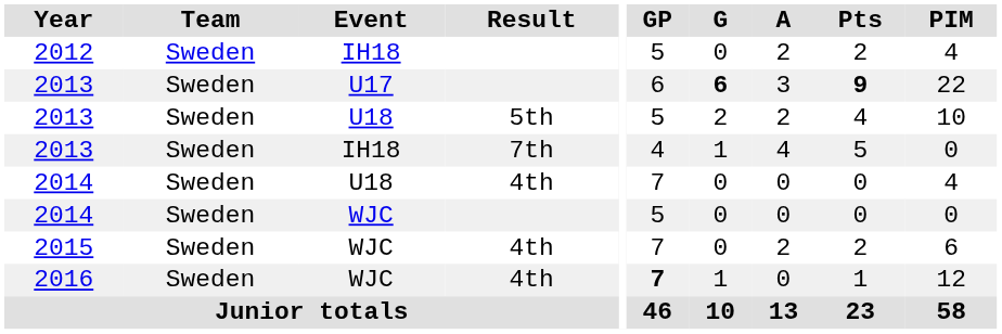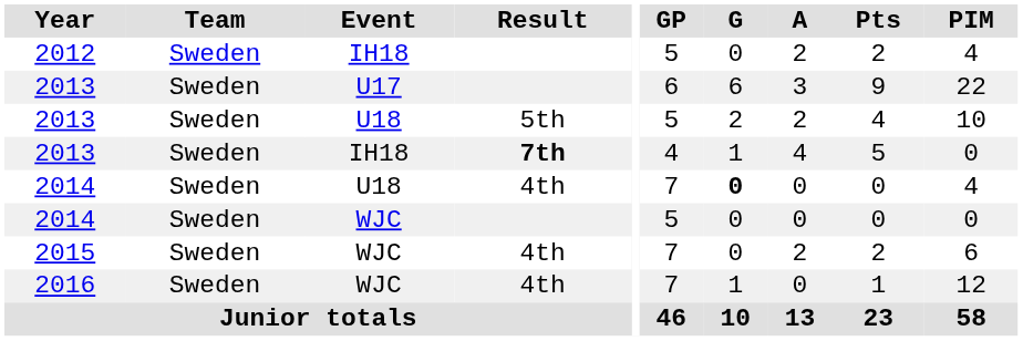 <table border="0" cellpadding="1" cellspacing="0" ID="Table3" style="text-align:center; width:40em">
 <tr ALIGN="center" bgcolor="#e0e0e0">
 <th>Year</th>
 <th>Team</th>
 <th>Event</th>
 <th>Result</th>
 <th rowspan="99" bgcolor="#ffffff"></th>
 <th>GP</th>
 <th>G</th>
 <th>A</th>
 <th>Pts</th>
 <th>PIM</th>
 </tr>
 <tr>
 <td><a href='#'>2012</a></td>
 <td><a href='#'>Sweden</a></td>
 <td><a href='#'>IH18</a></td>
 <td></td>
 <td>5</td>
 <td>0</td>
 <td>2</td>
 <td>2</td>
 <td>4</td>
 </tr>
 <tr bgcolor="#f0f0f0">
 <td><a href='#'>2013</a></td>
 <td>Sweden</td>
 <td><a href='#'>U17</a></td>
 <td></td>
 <td>6</td>
-<td><strong>6</strong></td>
+<td>6</td>
 <td>3</td>
-<td><strong>9</strong></td>
+<td>9</td>
 <td>22</td>
 </tr>
 <tr>
 <td><a href='#'>2013</a></td>
 <td>Sweden</td>
 <td><a href='#'>U18</a></td>
 <td>5th</td>
 <td>5</td>
 <td>2</td>
 <td>2</td>
 <td>4</td>
 <td>10</td>
 </tr>
 <tr bgcolor="#f0f0f0">
 <td><a href='#'>2013</a></td>
 <td>Sweden</td>
 <td>IH18</td>
-<td>7th</td>
+<td><strong>7th</strong></td>
 <td>4</td>
 <td>1</td>
 <td>4</td>
 <td>5</td>
 <td>0</td>
 </tr>
 <tr>
 <td><a href='#'>2014</a></td>
 <td>Sweden</td>
 <td>U18</td>
 <td>4th</td>
 <td>7</td>
-<td>0</td>
+<td><strong>0</strong></td>
 <td>0</td>
 <td>0</td>
 <td>4</td>
 </tr>
 <tr bgcolor="#f0f0f0">
 <td><a href='#'>2014</a></td>
 <td>Sweden</td>
 <td><a href='#'>WJC</a></td>
 <td></td>
 <td>5</td>
 <td>0</td>
 <td>0</td>
 <td>0</td>
 <td>0</td>
 </tr>
 <tr>
 <td><a href='#'>2015</a></td>
 <td>Sweden</td>
 <td>WJC</td>
 <td>4th</td>
 <td>7</td>
 <td>0</td>
 <td>2</td>
 <td>2</td>
 <td>6</td>
 </tr>
 <tr bgcolor="#f0f0f0">
 <td><a href='#'>2016</a></td>
 <td>Sweden</td>
 <td>WJC</td>
 <td>4th</td>
-<td><strong>7</strong></td>
+<td>7</td>
 <td>1</td>
 <td>0</td>
 <td>1</td>
 <td>12</td>
 </tr>
 <tr bgcolor="#e0e0e0">
 <th colspan="4">Junior totals</th>
 <th>46</th>
 <th>10</th>
 <th>13</th>
 <th>23</th>
 <th>58</th>
 </tr>
 </table>
